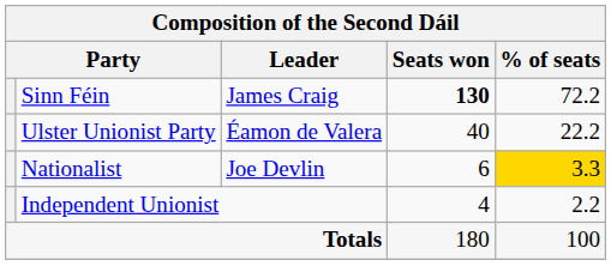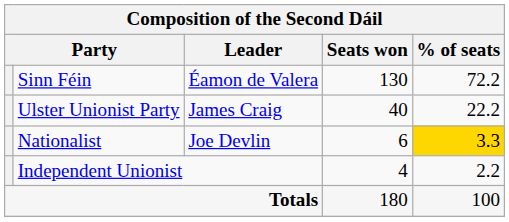 <table class="wikitable font-size: 95%;">
 <tr>
 <th colspan="5">Composition of the Second Dáil</th>
 </tr>
 <tr>
 <th colspan="2">Party</th>
 <th>Leader</th>
 <th>Seats won</th>
 <th>% of seats</th>
 </tr>
 <tr>
 <th style="background-color: "></th>
 <td><a href='#'>Sinn Féin</a></td>
-<td><a href='#'>James Craig</a></td>
-<td align="right"><strong>130</strong></td>
+<td><a href='#'>Éamon de Valera</a></td>
+<td align="right">130</td>
 <td align="right">72.2</td>
 </tr>
 <tr>
 <th style="background-color: "></th>
 <td><a href='#'>Ulster Unionist Party</a></td>
-<td><a href='#'>Éamon de Valera</a></td>
+<td><a href='#'>James Craig</a></td>
 <td align="right">40</td>
 <td align="right">22.2</td>
 </tr>
 <tr>
 <th style="background-color: "></th>
 <td><a href='#'>Nationalist</a></td>
 <td><a href='#'>Joe Devlin</a></td>
 <td align="right">6</td>
 <td align="right" style="background: gold;">3.3</td>
 </tr>
 <tr>
 <th style="background-color: "></th>
 <td colspan="2"><a href='#'>Independent Unionist</a></td>
 <td align="right">4</td>
 <td align="right">2.2</td>
 </tr>
 <tr style="background-color:#F6F6F6">
 <td colspan="3" align="right"><strong>Totals</strong></td>
 <td align="right">180</td>
 <td align="right">100</td>
 </tr>
 <tr>
 </tr>
 </table>
